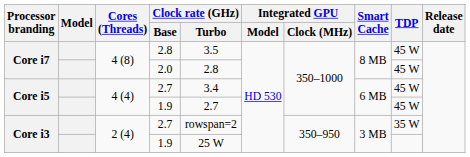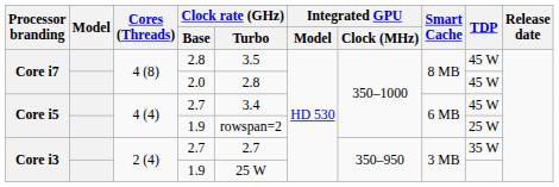 <table class="wikitable sortable nowrap" style="text-align: center;">
 <tr>
 <th class="unsortable" rowspan="2">Processor<br>branding</th>
 <th rowspan="2">Model</th>
 <th class="unsortable" rowspan="2"><a href='#'>Cores</a><br>(<a href='#'>Threads</a>)</th>
 <th colspan="2"><a href='#'>Clock rate</a> (GHz)</th>
 <th colspan="2">Integrated <a href='#'>GPU</a></th>
 <th class="unsortable" rowspan="2"><a href='#'>Smart<br>Cache</a></th>
 <th rowspan="2"><a href='#'>TDP</a></th>
 <th rowspan="2">Release<br>date</th>
 </tr>
 <tr>
 <th class="unsortable">Base</th>
 <th class="unsortable">Turbo</th>
 <th class="unsortable">Model</th>
 <th class="unsortable">Clock (MHz)</th>
 </tr>
 <tr>
 <th rowspan=2>Core i7</th>
 <th style="text-align:left;" data-sort-value="sku6"></th>
 <td rowspan=2>4 (8)</td>
 <td>2.8</td>
 <td>3.5</td>
 <td rowspan=6><a href='#'>HD 530</a></td>
 <td rowspan=4>350–1000</td>
 <td rowspan=2>8 MB</td>
 <td>45 W</td>
 <td rowspan=6></td>
 </tr>
 <tr>
 <th style="text-align:left;" data-sort-value="sku5"></th>
 <td>2.0</td>
 <td>2.8</td>
 <td>45 W</td>
 </tr>
 <tr>
 <th rowspan=2>Core i5</th>
 <th style="text-align:left;" data-sort-value="sku4"></th>
 <td rowspan=2>4 (4)</td>
 <td>2.7</td>
 <td>3.4</td>
 <td rowspan=2>6 MB</td>
 <td>45 W</td>
 </tr>
 <tr>
 <th style="text-align:left;" data-sort-value="sku3"></th>
 <td>1.9</td>
-<td>2.7</td>
-<td>45 W</td>
+<td>rowspan=2 </td>
+<td>25 W</td>
 </tr>
 <tr>
 <th rowspan=2>Core i3</th>
 <th style="text-align:left;" data-sort-value="sku2"></th>
 <td rowspan=2>2 (4)</td>
 <td>2.7</td>
-<td>rowspan=2 </td>
+<td>2.7</td>
 <td rowspan=2>350–950</td>
 <td rowspan=2>3 MB</td>
 <td>35 W</td>
 </tr>
 <tr>
 <th style="text-align:left;" data-sort-value="sku1"></th>
 <td>1.9</td>
 <td>25 W</td>
 </tr>
 </table>
